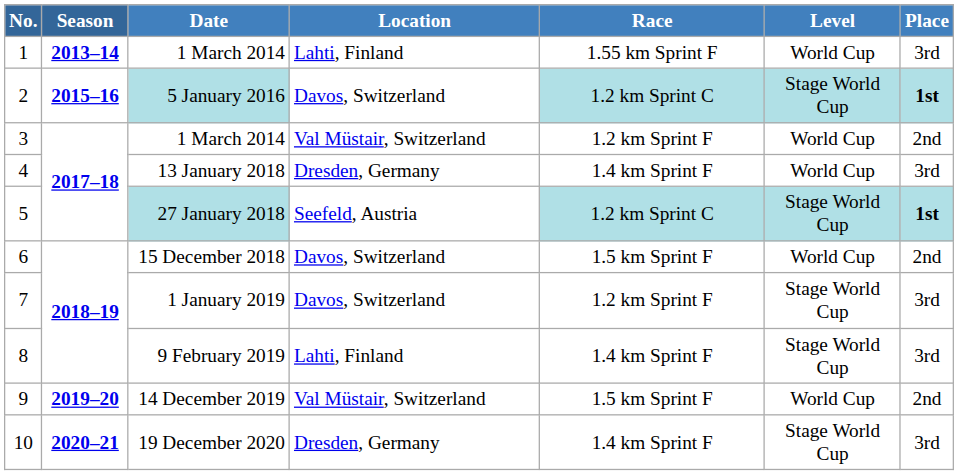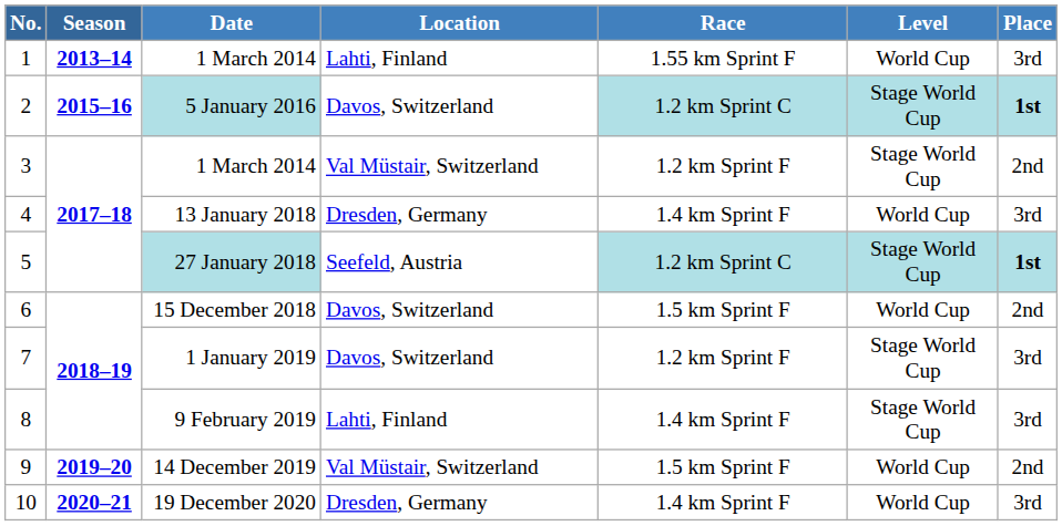 <table class="wikitable sortable" style="font-size:95%; text-align:center; border:grey solid 1px; border-collapse:collapse; background:#ffffff;">
 <tr style="background:#efefef;">
 <th style="background-color:#369; color:white;">No.</th>
 <th style="background-color:#369; color:white;">Season</th>
 <th style="background-color:#4180be; color:white; width:120px;">Date</th>
 <th style="background-color:#4180be; color:white; width:190px;">Location</th>
 <th style="background-color:#4180be; color:white; width:170px;">Race</th>
 <th style="background-color:#4180be; color:white; width:100px;">Level</th>
 <th style="background-color:#4180be; color:white;">Place</th>
 </tr>
 <tr>
 <td align=center>1</td>
 <td rowspan=1 align=center><strong> <a href='#'>2013–14</a> </strong></td>
 <td align=right>1 March 2014</td>
 <td align=left> <a href='#'>Lahti</a>, Finland</td>
 <td>1.55 km Sprint F</td>
 <td>World Cup</td>
 <td>3rd</td>
 </tr>
 <tr>
 <td align=center>2</td>
 <td rowspan=1 align=center><strong><a href='#'>2015–16</a></strong></td>
 <td bgcolor="#BOEOE6" align=right>5 January 2016</td>
 <td align=left> <a href='#'>Davos</a>, Switzerland</td>
 <td bgcolor="#BOEOE6">1.2 km Sprint C</td>
 <td bgcolor="#BOEOE6">Stage World Cup</td>
 <td bgcolor="#BOEOE6"><strong>1st</strong></td>
 </tr>
 <tr>
 <td align=center>3</td>
 <td rowspan=3 align=center><strong> <a href='#'>2017–18</a> </strong></td>
 <td align=right>1 March 2014</td>
 <td align=left> <a href='#'>Val Müstair</a>, Switzerland</td>
 <td>1.2 km Sprint F</td>
-<td>World Cup</td>
+<td>Stage World Cup</td>
 <td>2nd</td>
 </tr>
 <tr>
 <td align=center>4</td>
 <td align=right>13 January 2018</td>
 <td align=left> <a href='#'>Dresden</a>, Germany</td>
 <td>1.4 km Sprint F</td>
 <td>World Cup</td>
 <td>3rd</td>
 </tr>
 <tr>
 <td align=center>5</td>
 <td bgcolor="#BOEOE6" align=right>27 January 2018</td>
 <td align=left> <a href='#'>Seefeld</a>, Austria</td>
 <td bgcolor="#BOEOE6">1.2 km Sprint C</td>
 <td bgcolor="#BOEOE6">Stage World Cup</td>
 <td bgcolor="#BOEOE6"><strong>1st</strong></td>
 </tr>
 <tr>
 <td align=center>6</td>
 <td rowspan=3 align=center><strong> <a href='#'>2018–19</a> </strong></td>
 <td align=right>15 December 2018</td>
 <td align=left> <a href='#'>Davos</a>, Switzerland</td>
 <td>1.5 km Sprint F</td>
 <td>World Cup</td>
 <td>2nd</td>
 </tr>
 <tr>
 <td align=center>7</td>
 <td align= right>1 January 2019</td>
 <td align=left> <a href='#'>Davos</a>, Switzerland</td>
 <td>1.2 km Sprint F</td>
 <td>Stage World Cup</td>
 <td>3rd</td>
 </tr>
 <tr>
 <td align=center>8</td>
 <td align=right>9 February 2019</td>
 <td align=left> <a href='#'>Lahti</a>, Finland</td>
 <td>1.4 km Sprint F</td>
 <td>Stage World Cup</td>
 <td>3rd</td>
 </tr>
 <tr>
 <td align=center>9</td>
 <td rowspan=1 align=center><strong> <a href='#'>2019–20</a> </strong></td>
 <td align=right>14 December 2019</td>
 <td align=left> <a href='#'>Val Müstair</a>, Switzerland</td>
 <td>1.5 km Sprint F</td>
 <td>World Cup</td>
 <td>2nd</td>
 </tr>
 <tr>
 <td align=center>10</td>
 <td rowspan=1 align=center><strong> <a href='#'>2020–21</a> </strong></td>
 <td align=right>19 December 2020</td>
 <td align=left> <a href='#'>Dresden</a>, Germany</td>
 <td>1.4 km Sprint F</td>
-<td>Stage World Cup</td>
+<td>World Cup</td>
 <td>3rd</td>
 </tr>
 </table>
